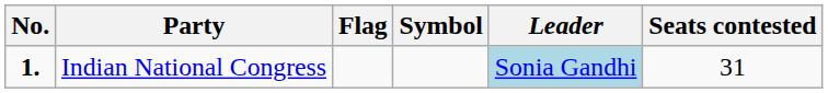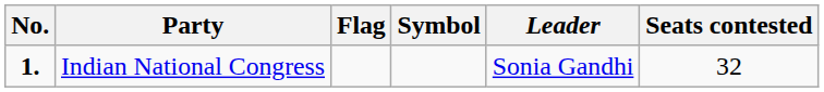 <table class="wikitable">
 <tr>
 <th>No.</th>
 <th>Party</th>
 <th><strong>Flag</strong></th>
 <th>Symbol</th>
 <th><em>Leader</em></th>
 <th>Seats contested</th>
 </tr>
 <tr>
 <td ! style="text-align:center; background:"><strong>1.</strong></td>
 <td style="text-align:center"><a href='#'>Indian National Congress</a></td>
 <td></td>
 <td></td>
-<td style="background: lightblue; text-align:center"><a href='#'>Sonia Gandhi</a></td>
-<td style="text-align:center">31</td>
+<td style="text-align:center"><a href='#'>Sonia Gandhi</a></td>
+<td style="text-align:center">32</td>
 </tr>
 </table>
